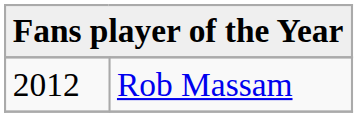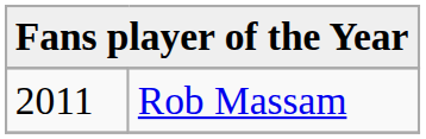 <table class="wikitable">
 <tr>
 <th style="background:#efefef;" colspan="14">Fans player of the Year</th>
 </tr>
 <tr style="background:#efefef;">
 </tr>
 <tr>
-<td>2012</td>
+<td>2011</td>
 <td><a href='#'>Rob Massam</a></td>
 </tr>
 <tr>
 </tr>
 </table>
